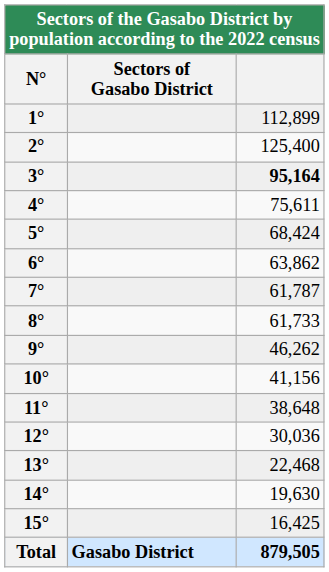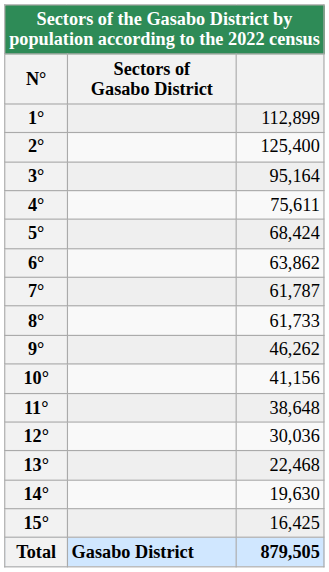 <table class=wikitable style="margin: 1em 1em 0 0; border-collapse: collapse; font-size: 100%;" align="right">
 <tr bgcolor="#35682D" style="color:black">
 <th colspan="3" style="text-align:center; color:white; background:#2E8B57;">Sectors of the Gasabo District by <br>population according to the 2022 census</th>
 </tr>
 <tr>
 <th>N°</th>
 <th>Sectors of <br> Gasabo District</th>
 <th></th>
 </tr>
 <tr align="center" style="background:#efefef; color:black">
 <th><strong>1°</strong></th>
 <td align="left"></td>
 <td align="right">112,899</td>
 </tr>
 <tr align="center">
 <th><strong>2°</strong></th>
 <td align="left"></td>
 <td align="right">125,400</td>
 </tr>
 <tr align="center" style="background:#efefef; color:black">
 <th><strong>3°</strong></th>
 <td align="left"></td>
-<td align="right"><strong>95,164</strong></td>
+<td align="right">95,164</td>
 </tr>
 <tr align="center">
 <th><strong>4°</strong></th>
 <td align="left"></td>
 <td align="right">75,611</td>
 </tr>
 <tr align="center" style="background:#efefef; color:black">
 <th><strong>5°</strong></th>
 <td align="left"></td>
 <td align="right">68,424</td>
 </tr>
 <tr align="center">
 <th><strong>6°</strong></th>
 <td align="left"></td>
 <td align="right">63,862</td>
 </tr>
 <tr align="center" style="background:#efefef; color:black">
 <th><strong>7°</strong></th>
 <td align="left"></td>
 <td align="right">61,787</td>
 </tr>
 <tr align="center">
 <th><strong>8°</strong></th>
 <td align="left"></td>
 <td align="right">61,733</td>
 </tr>
 <tr align="center" style="background:#efefef; color:black">
 <th><strong>9°</strong></th>
 <td align="left"></td>
 <td align="right">46,262</td>
 </tr>
 <tr align="center">
 <th><strong>10°</strong></th>
 <td align="left"></td>
 <td align="right">41,156</td>
 </tr>
 <tr align="center" style="background:#efefef; color:black">
 <th><strong>11°</strong></th>
 <td align="left"></td>
 <td align="right">38,648</td>
 </tr>
 <tr align="center">
 <th><strong>12°</strong></th>
 <td align="left"></td>
 <td align="right">30,036</td>
 </tr>
 <tr align="center" style="background:#efefef; color:black">
 <th><strong>13°</strong></th>
 <td align="left"></td>
 <td align="right">22,468</td>
 </tr>
 <tr align="center">
 <th><strong>14°</strong></th>
 <td align="left"></td>
 <td align="right">19,630</td>
 </tr>
 <tr align="center" style="background:#efefef; color:black">
 <th><strong>15°</strong></th>
 <td align="left"></td>
 <td align="right">16,425</td>
 </tr>
 <tr align="center" bgcolor=#D0E7FF>
 <th><strong>Total</strong></th>
 <td align="left"><strong>Gasabo District</strong></td>
 <td align="right"><strong>879,505</strong></td>
 </tr>
 </table>
